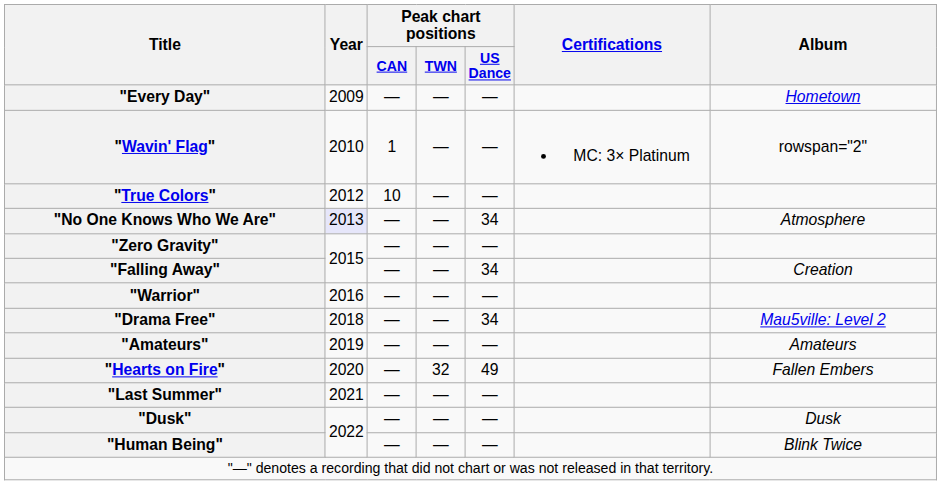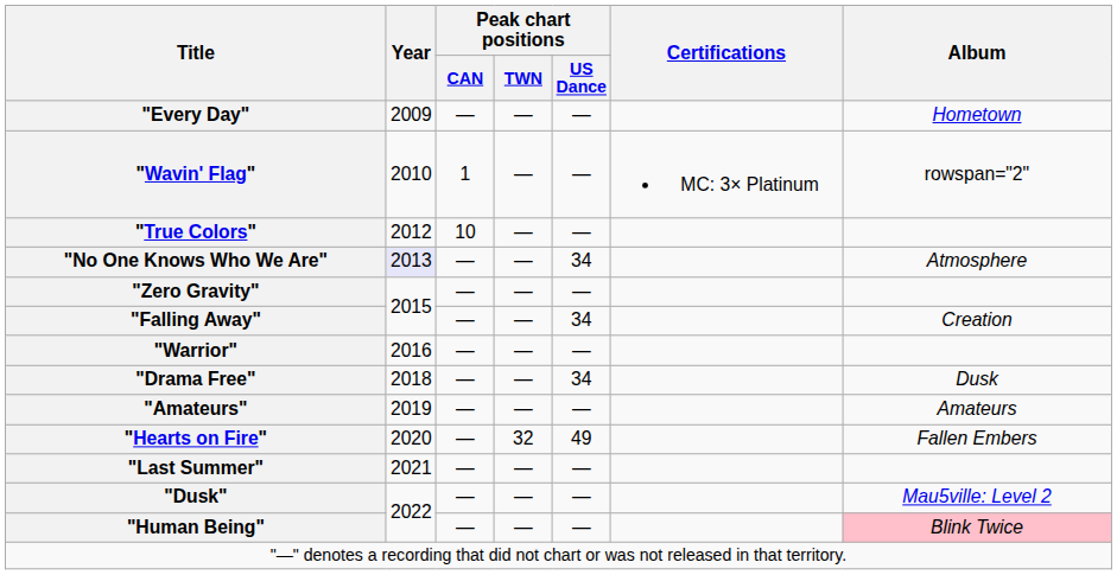 <table class="wikitable plainrowheaders" style="text-align:center;">
 <tr>
 <th scope="col" rowspan="2" style="width:20em;">Title</th>
 <th scope="col" rowspan="2">Year</th>
 <th scope="col" colspan="3">Peak chart positions</th>
 <th scope="col" rowspan="2" style="width:12em;"><a href='#'>Certifications</a></th>
 <th scope="col" rowspan="2" style="width:14em;">Album</th>
 </tr>
 <tr>
 <th scope="col" style="width:3em;font-size:90%;"><a href='#'>CAN</a><br></th>
 <th scope="col" style="width:3em;font-size:90%;"><a href='#'>TWN</a><br></th>
 <th scope="col" style="width:3em;font-size:90%;"><a href='#'>US Dance</a><br></th>
 </tr>
 <tr>
 <th scope="row">"Every Day"<br></th>
 <td>2009</td>
 <td>—</td>
 <td>—</td>
 <td>—</td>
 <td></td>
 <td><em><a href='#'>Hometown</a></em></td>
 </tr>
 <tr>
 <th scope="row">"<a href='#'>Wavin' Flag</a>"<br></th>
 <td>2010</td>
 <td>1</td>
 <td>—</td>
 <td>—</td>
 <td><br><ul><li>MC: 3× Platinum</li></ul></td>
 <td>rowspan="2" </td>
 </tr>
 <tr>
 <th scope="row">"<a href='#'>True Colors</a>"<br></th>
 <td>2012</td>
 <td>10</td>
 <td>—</td>
 <td>—</td>
 <td></td>
 </tr>
 <tr>
 <th scope="row">"No One Knows Who We Are"<br></th>
 <td style="background: lavender;">2013</td>
 <td>—</td>
 <td>—</td>
 <td>34</td>
 <td></td>
 <td><em>Atmosphere</em></td>
 </tr>
 <tr>
 <th scope="row">"Zero Gravity"<br></th>
 <td rowspan="2">2015</td>
 <td>—</td>
 <td>—</td>
 <td>—</td>
 <td></td>
 <td></td>
 </tr>
 <tr>
 <th scope="row">"Falling Away"<br></th>
 <td>—</td>
 <td>—</td>
 <td>34</td>
 <td></td>
 <td><em>Creation</em></td>
 </tr>
 <tr>
 <th scope="row">"Warrior"<br></th>
 <td>2016</td>
 <td>—</td>
 <td>—</td>
 <td>—</td>
 <td></td>
 <td></td>
 </tr>
 <tr>
 <th scope="row">"Drama Free"<br></th>
 <td>2018</td>
 <td>—</td>
 <td>—</td>
 <td>34</td>
 <td></td>
-<td><em><a href='#'>Mau5ville: Level 2</a></em></td>
+<td><em>Dusk</em></td>
 </tr>
 <tr>
 <th scope="row">"Amateurs" <br></th>
 <td>2019</td>
 <td>—</td>
 <td>—</td>
 <td>—</td>
 <td></td>
 <td><em>Amateurs</em></td>
 </tr>
 <tr>
 <th scope="row">"<a href='#'>Hearts on Fire</a>" <br></th>
 <td>2020</td>
 <td>—</td>
 <td>32</td>
 <td>49</td>
 <td></td>
 <td><em>Fallen Embers</em></td>
 </tr>
 <tr>
 <th scope="row">"Last Summer" <br></th>
 <td>2021</td>
 <td>—</td>
 <td>—</td>
 <td>—</td>
 <td></td>
 <td></td>
 </tr>
 <tr>
 <th scope="row">"Dusk" <br></th>
 <td rowspan="2">2022</td>
 <td>—</td>
 <td>—</td>
 <td>—</td>
 <td></td>
-<td><em>Dusk</em></td>
+<td><em><a href='#'>Mau5ville: Level 2</a></em></td>
 </tr>
 <tr>
 <th scope="row">"Human Being" <br></th>
 <td>—</td>
 <td>—</td>
 <td>—</td>
 <td></td>
-<td><em>Blink Twice</em></td>
+<td style="background: pink;"><em>Blink Twice</em></td>
 </tr>
 <tr>
 <td colspan="7" style="font-size:90%">"—" denotes a recording that did not chart or was not released in that territory.</td>
 </tr>
 </table>
